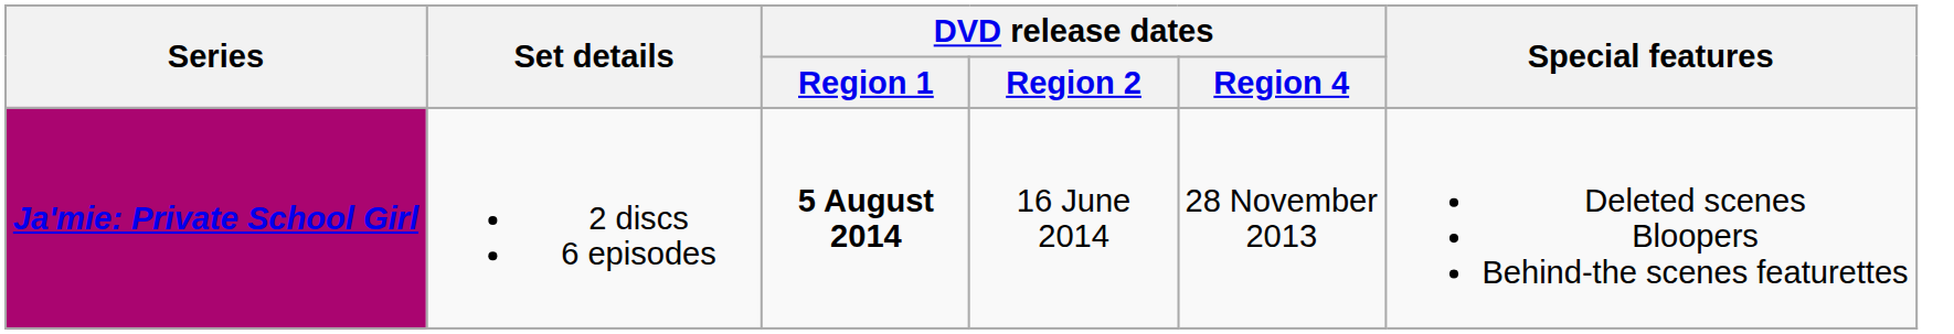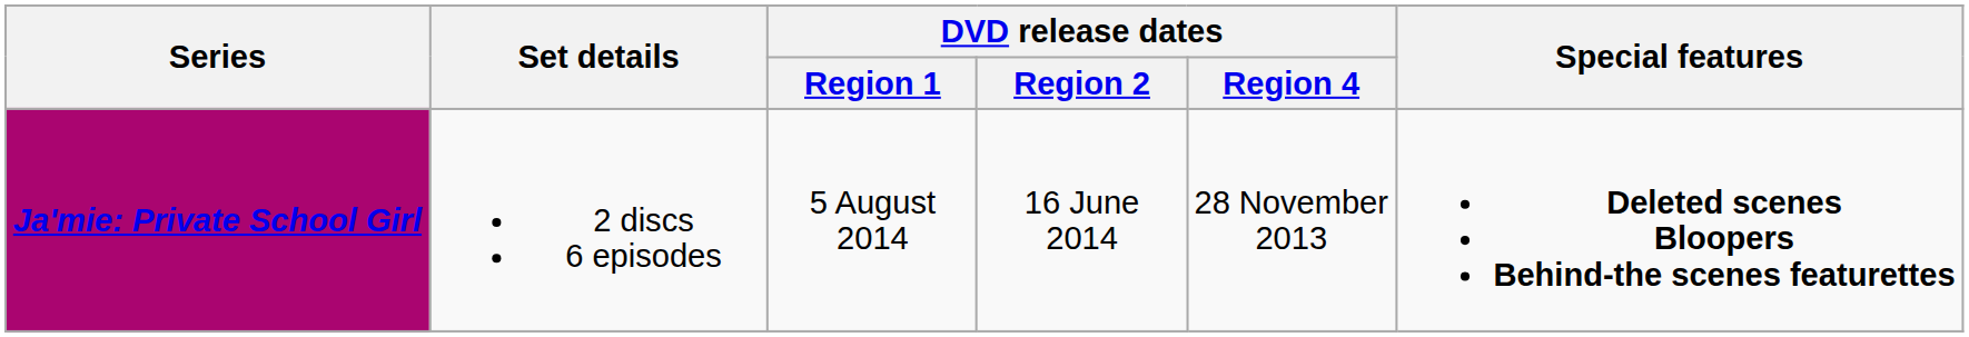 <table class="wikitable plainrowheaders" style="font-size:90%; text-align: center">
 <tr>
 <th scope="col" rowspan="2">Series</th>
 <th scope="col" rowspan="2" style="width: 10em;">Set details</th>
 <th scope="col" colspan="3"><a href='#'>DVD</a> release dates</th>
 <th scope="col" rowspan="2">Special features</th>
 </tr>
 <tr>
 <th scope="col" style="width: 6em; font-size: 100%;"><a href='#'>Region 1</a></th>
 <th scope="col" style="width: 6em; font-size: 100%;"><a href='#'>Region 2</a></th>
 <th scope="col" style="width: 6em; font-size: 100%;"><a href='#'>Region 4</a></th>
 </tr>
 <tr>
 <th scope="row" style="text-align:center; background:#AA0570;"><em><a href='#'><span>Ja'mie: Private School Girl</span></a></em></th>
 <td><br><ul><li>2 discs</li><li>6 episodes</li></ul></td>
-<td><strong>5 August 2014</strong></td>
+<td>5 August 2014</td>
 <td>16 June 2014</td>
 <td>28 November 2013</td>
-<td><br><ul><li>Deleted scenes</li><li>Bloopers</li><li>Behind-the scenes featurettes</li></ul></td>
+<td><strong><br><ul><li>Deleted scenes</li><li>Bloopers</li><li>Behind-the scenes featurettes</li></ul></strong></td>
 </tr>
 </table>
